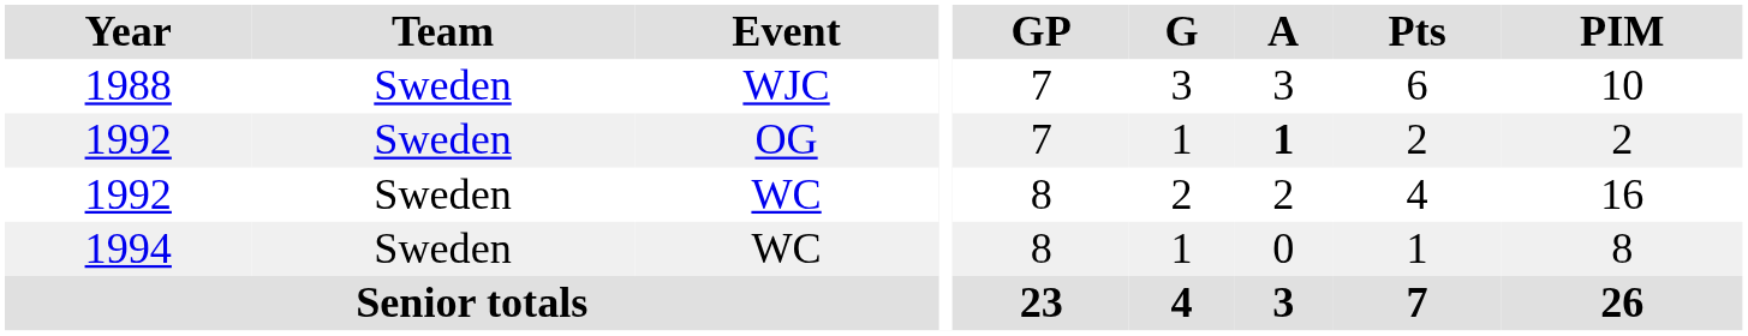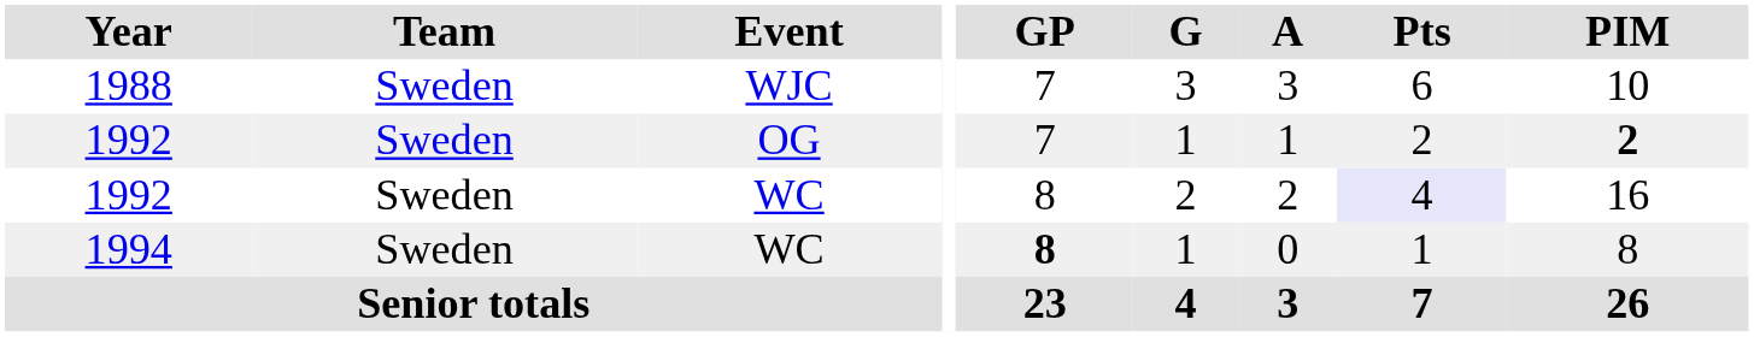 <table border="0" cellpadding="1" cellspacing="0" ID="Table3" style="text-align:center; width:40em">
 <tr ALIGN="center" bgcolor="#e0e0e0">
 <th>Year</th>
 <th>Team</th>
 <th>Event</th>
 <th rowspan="99" bgcolor="#ffffff"></th>
 <th>GP</th>
 <th>G</th>
 <th>A</th>
 <th>Pts</th>
 <th>PIM</th>
 </tr>
 <tr>
 <td><a href='#'>1988</a></td>
 <td><a href='#'>Sweden</a></td>
 <td><a href='#'>WJC</a></td>
 <td>7</td>
 <td>3</td>
 <td>3</td>
 <td>6</td>
 <td>10</td>
 </tr>
 <tr bgcolor="#f0f0f0">
 <td><a href='#'>1992</a></td>
 <td><a href='#'>Sweden</a></td>
 <td><a href='#'>OG</a></td>
 <td>7</td>
 <td>1</td>
-<td><strong>1</strong></td>
+<td>1</td>
 <td>2</td>
-<td>2</td>
+<td><strong>2</strong></td>
 </tr>
 <tr>
 <td><a href='#'>1992</a></td>
 <td>Sweden</td>
 <td><a href='#'>WC</a></td>
 <td>8</td>
 <td>2</td>
 <td>2</td>
-<td>4</td>
+<td style="background: lavender;">4</td>
 <td>16</td>
 </tr>
 <tr bgcolor="#f0f0f0">
 <td><a href='#'>1994</a></td>
 <td>Sweden</td>
 <td>WC</td>
-<td>8</td>
+<td><strong>8</strong></td>
 <td>1</td>
 <td>0</td>
 <td>1</td>
 <td>8</td>
 </tr>
 <tr bgcolor="#e0e0e0">
 <th colspan="3">Senior totals</th>
 <th>23</th>
 <th>4</th>
 <th>3</th>
 <th>7</th>
 <th>26</th>
 </tr>
 </table>
